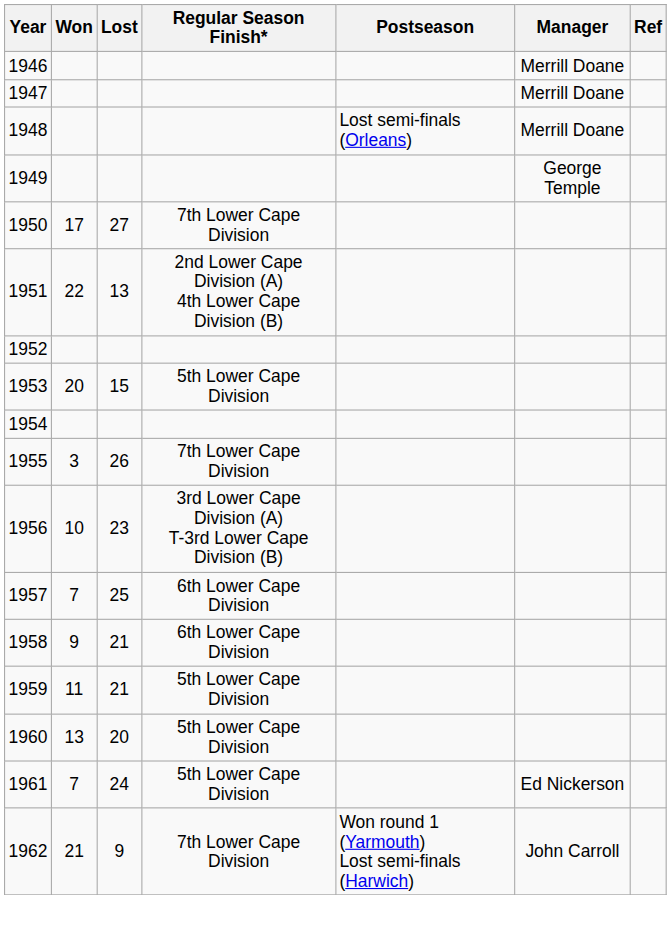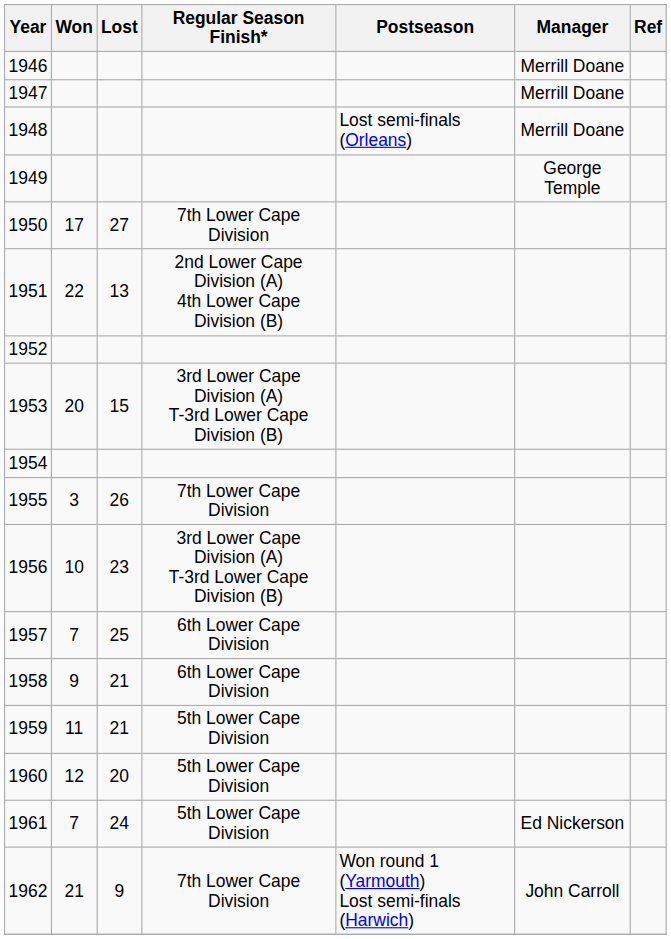 <table class="wikitable" style="text-align:center">
 <tr>
 <th scope="col">Year</th>
 <th scope="col">Won</th>
 <th scope="col">Lost</th>
 <th scope="col">Regular Season Finish*</th>
 <th scope="col">Postseason</th>
 <th scope="col">Manager</th>
 <th scope="col">Ref</th>
 </tr>
 <tr>
 <td>1946</td>
 <td></td>
 <td></td>
 <td></td>
 <td></td>
 <td>Merrill Doane</td>
 <td></td>
 </tr>
 <tr>
 <td>1947</td>
 <td></td>
 <td></td>
 <td></td>
 <td></td>
 <td>Merrill Doane</td>
 <td></td>
 </tr>
 <tr>
 <td>1948</td>
 <td></td>
 <td></td>
 <td></td>
 <td style="text-align:left">Lost semi-finals (<a href='#'>Orleans</a>)</td>
 <td>Merrill Doane</td>
 <td></td>
 </tr>
 <tr>
 <td>1949</td>
 <td></td>
 <td></td>
 <td></td>
 <td></td>
 <td>George Temple</td>
 <td></td>
 </tr>
 <tr>
 <td>1950</td>
 <td>17</td>
 <td>27</td>
 <td>7th Lower Cape Division</td>
 <td></td>
 <td></td>
 <td></td>
 </tr>
 <tr>
 <td>1951</td>
 <td>22</td>
 <td>13</td>
 <td>2nd Lower Cape Division (A)<br>4th Lower Cape Division (B)</td>
 <td></td>
 <td></td>
 <td></td>
 </tr>
 <tr>
 <td>1952</td>
 <td></td>
 <td></td>
 <td></td>
 <td></td>
 <td></td>
 <td></td>
 </tr>
 <tr>
 <td>1953</td>
 <td>20</td>
 <td>15</td>
-<td>5th Lower Cape Division</td>
+<td>3rd Lower Cape Division (A)<br>T-3rd Lower Cape Division (B)</td>
 <td></td>
 <td></td>
 <td></td>
 </tr>
 <tr>
 <td>1954</td>
 <td></td>
 <td></td>
 <td></td>
 <td></td>
 <td></td>
 <td></td>
 </tr>
 <tr>
 <td>1955</td>
 <td>3</td>
 <td>26</td>
 <td>7th Lower Cape Division</td>
 <td></td>
 <td></td>
 <td></td>
 </tr>
 <tr>
 <td>1956</td>
 <td>10</td>
 <td>23</td>
 <td>3rd Lower Cape Division (A)<br>T-3rd Lower Cape Division (B)</td>
 <td></td>
 <td></td>
 <td></td>
 </tr>
 <tr>
 <td>1957</td>
 <td>7</td>
 <td>25</td>
 <td>6th Lower Cape Division</td>
 <td></td>
 <td></td>
 <td></td>
 </tr>
 <tr>
 <td>1958</td>
 <td>9</td>
 <td>21</td>
 <td>6th Lower Cape Division</td>
 <td></td>
 <td></td>
 <td></td>
 </tr>
 <tr>
 <td>1959</td>
 <td>11</td>
 <td>21</td>
 <td>5th Lower Cape Division</td>
 <td></td>
 <td></td>
 <td></td>
 </tr>
 <tr>
 <td>1960</td>
-<td>13</td>
+<td>12</td>
 <td>20</td>
 <td>5th Lower Cape Division</td>
 <td></td>
 <td></td>
 <td></td>
 </tr>
 <tr>
 <td>1961</td>
 <td>7</td>
 <td>24</td>
 <td>5th Lower Cape Division</td>
 <td></td>
 <td>Ed Nickerson</td>
 <td></td>
 </tr>
 <tr>
 <td>1962</td>
 <td>21</td>
 <td>9</td>
 <td>7th Lower Cape Division</td>
 <td style="text-align:left">Won round 1 (<a href='#'>Yarmouth</a>) <br>Lost semi-finals (<a href='#'>Harwich</a>)</td>
 <td>John Carroll</td>
 <td></td>
 </tr>
 <tr>
 </tr>
 </table>
